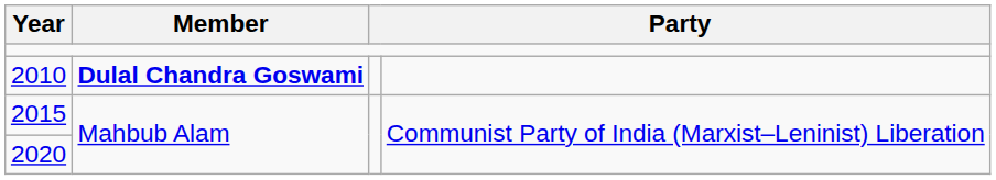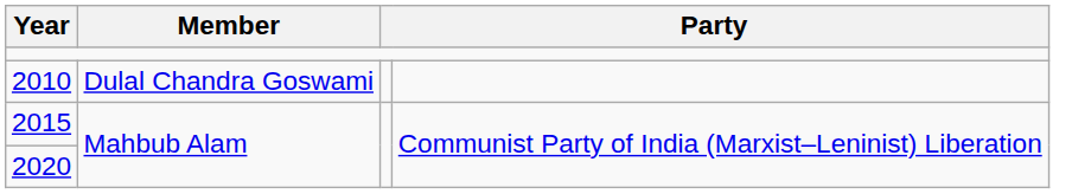 <table class="wikitable sortable">
 <tr>
 <th>Year</th>
 <th>Member</th>
 <th colspan="2">Party</th>
 </tr>
 <tr>
 <td colspan="4"></td>
 </tr>
 <tr>
 <td><a href='#'>2010</a></td>
-<td><strong><a href='#'>Dulal Chandra Goswami</a></strong></td>
+<td><a href='#'>Dulal Chandra Goswami</a></td>
 <td></td>
 </tr>
 <tr>
 <td><a href='#'>2015</a></td>
 <td rowspan="2"><a href='#'>Mahbub Alam</a></td>
 <td rowspan="2" style=background-color:></td>
 <td rowspan="2"><a href='#'>Communist Party of India (Marxist–Leninist) Liberation</a></td>
 </tr>
 <tr>
 <td><a href='#'>2020</a></td>
 </tr>
 </table>
